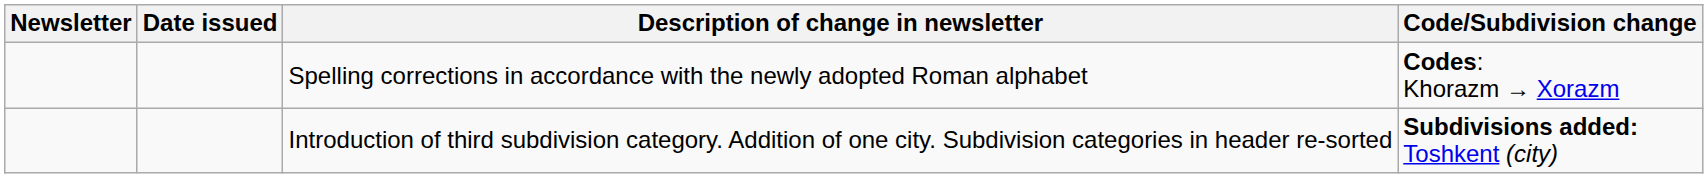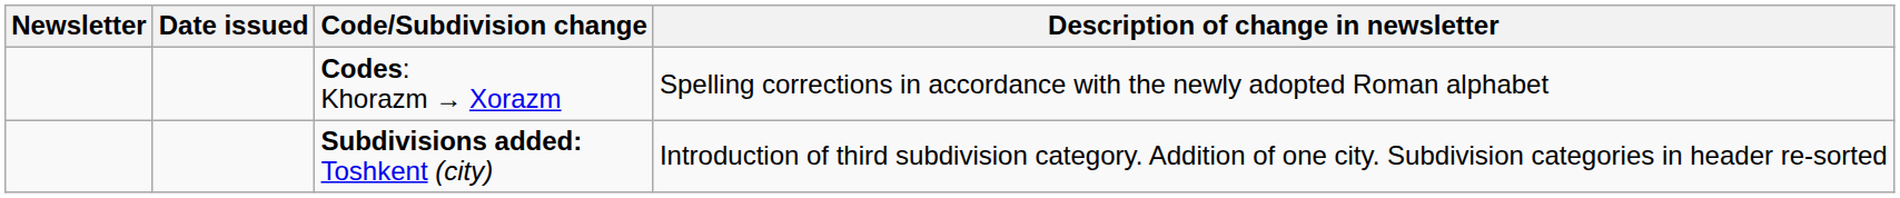 <table class="wikitable">
 <tr>
 <th>Newsletter</th>
 <th>Date issued</th>
+<th>Code/Subdivision change</th>
 <th>Description of change in newsletter</th>
-<th>Code/Subdivision change</th>
 </tr>
 <tr>
 <td id="I-2"></td>
 <td></td>
+<td style=white-space:nowrap><strong>Codes</strong>:<br>  Khorazm →  <a href='#'>Xorazm</a></td>
 <td>Spelling corrections in accordance with the newly adopted Roman alphabet</td>
-<td style=white-space:nowrap><strong>Codes</strong>:<br>  Khorazm →  <a href='#'>Xorazm</a></td>
 </tr>
 <tr>
 <td id="I-4"></td>
 <td></td>
+<td style=white-space:nowrap><strong>Subdivisions added:</strong><br>  <a href='#'>Toshkent</a> <em>(city)</em></td>
 <td>Introduction of third subdivision category. Addition of one city. Subdivision categories in header re-sorted</td>
-<td style=white-space:nowrap><strong>Subdivisions added:</strong><br>  <a href='#'>Toshkent</a> <em>(city)</em></td>
 </tr>
 </table>
